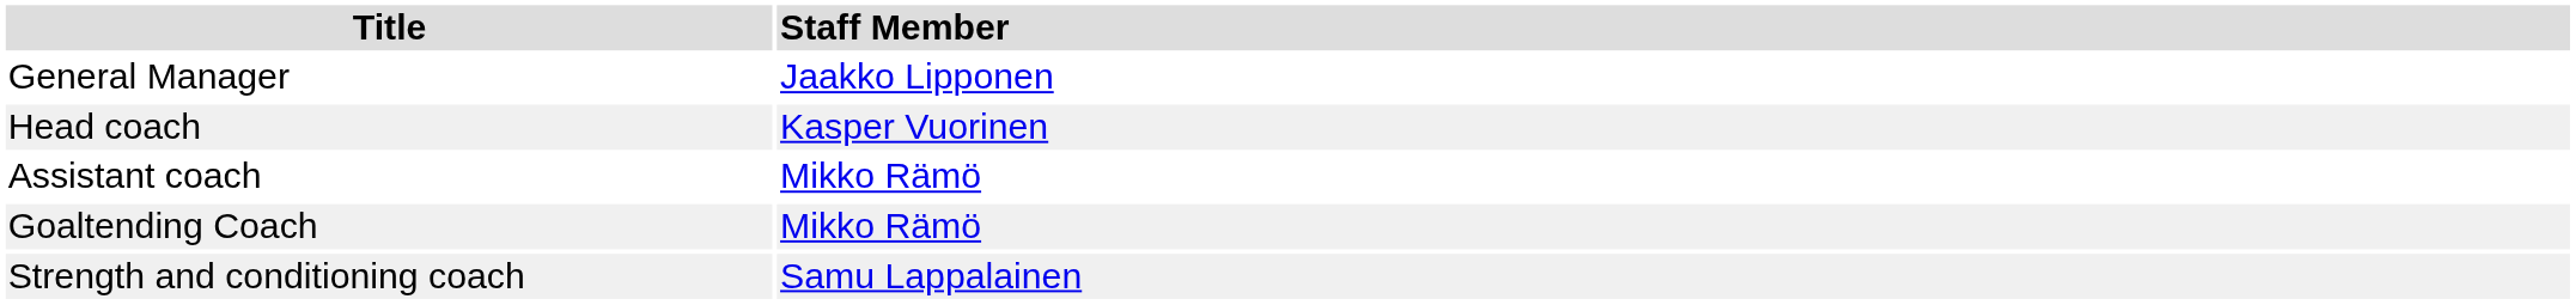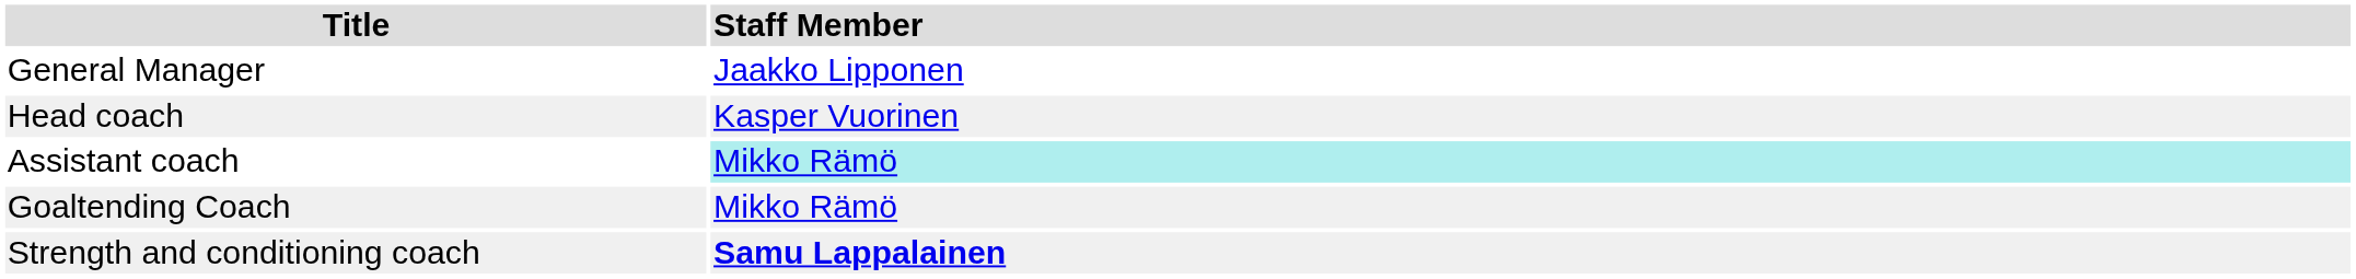 <table width=90% h=90%>
 <tr>
 <th colspan=7></th>
 </tr>
 <tr bgcolor="#dddddd">
 <th width=30%>Title</th>
 <td align=left!!width=75%><strong>Staff Member</strong></td>
 </tr>
 <tr>
 <td>General Manager</td>
 <td><a href='#'>Jaakko Lipponen</a></td>
 </tr>
 <tr bgcolor="#f0f0f0">
 <td>Head coach</td>
 <td><a href='#'>Kasper Vuorinen</a></td>
 </tr>
 <tr>
 <td>Assistant coach</td>
-<td><a href='#'>Mikko Rämö</a></td>
+<td style="background: paleturquoise;"><a href='#'>Mikko Rämö</a></td>
 </tr>
 <tr bgcolor="#f0f0f0">
 <td>Goaltending Coach</td>
 <td><a href='#'>Mikko Rämö</a></td>
 </tr>
 <tr bgcolor="#f0f0f0">
 <td>Strength and conditioning coach</td>
-<td><a href='#'>Samu Lappalainen</a></td>
+<td><strong><a href='#'>Samu Lappalainen</a></strong></td>
 </tr>
 </table>
